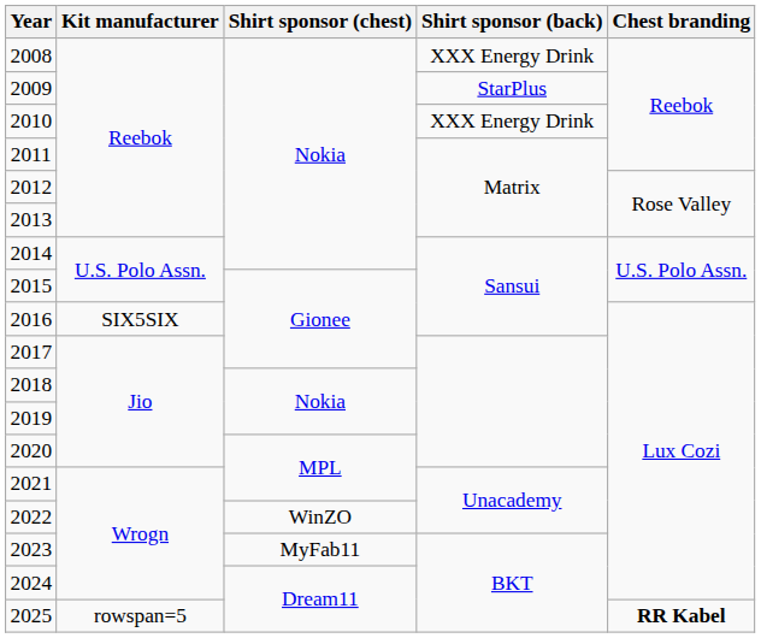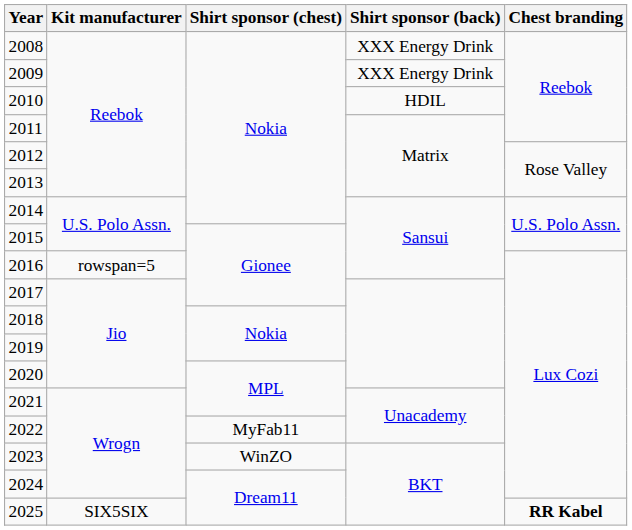 <table class="wikitable" style="text-align: center;">
 <tr>
 <th>Year</th>
 <th>Kit manufacturer</th>
 <th>Shirt sponsor (chest)</th>
 <th>Shirt sponsor (back)</th>
 <th>Chest branding</th>
 </tr>
 <tr>
 <td>2008</td>
 <td rowspan=6><a href='#'>Reebok</a></td>
 <td rowspan=7><a href='#'>Nokia</a></td>
 <td>XXX Energy Drink</td>
 <td rowspan=4><a href='#'>Reebok</a></td>
 </tr>
 <tr>
 <td>2009</td>
-<td><a href='#'>StarPlus</a></td>
+<td>XXX Energy Drink</td>
 </tr>
 <tr>
 <td>2010</td>
-<td>XXX Energy Drink</td>
+<td>HDIL</td>
 </tr>
 <tr>
 <td>2011</td>
 <td rowspan=3>Matrix</td>
 </tr>
 <tr>
 <td>2012</td>
 <td rowspan=2>Rose Valley</td>
 </tr>
 <tr>
 <td>2013</td>
 </tr>
 <tr>
 <td>2014</td>
 <td rowspan=2><a href='#'>U.S. Polo Assn.</a></td>
 <td rowspan=3><a href='#'>Sansui</a></td>
 <td rowspan=2><a href='#'>U.S. Polo Assn.</a></td>
 </tr>
 <tr>
 <td>2015</td>
 <td rowspan=3><a href='#'>Gionee</a></td>
 </tr>
 <tr>
 <td>2016</td>
-<td>SIX5SIX</td>
+<td>rowspan=5 </td>
 <td rowspan=9><a href='#'>Lux Cozi</a></td>
 </tr>
 <tr>
 <td>2017</td>
 <td rowspan=4><a href='#'>Jio</a></td>
 </tr>
 <tr>
 <td>2018</td>
 <td rowspan=2><a href='#'>Nokia</a></td>
 </tr>
 <tr>
 <td>2019</td>
 </tr>
 <tr>
 <td>2020</td>
 <td rowspan=2><a href='#'>MPL</a></td>
 </tr>
 <tr>
 <td>2021</td>
 <td rowspan=4><a href='#'>Wrogn</a></td>
 <td rowspan=2><a href='#'>Unacademy</a></td>
 </tr>
 <tr>
 <td>2022</td>
-<td>WinZO</td>
+<td>MyFab11</td>
 </tr>
 <tr>
 <td>2023</td>
-<td>MyFab11</td>
+<td>WinZO</td>
 <td rowspan="3"><a href='#'>BKT</a></td>
 </tr>
 <tr>
 <td>2024</td>
 <td rowspan="2"><a href='#'>Dream11</a></td>
 </tr>
 <tr>
 <td>2025</td>
-<td>rowspan=5 </td>
+<td>SIX5SIX</td>
 <td><strong>RR Kabel</strong></td>
 </tr>
 </table>
